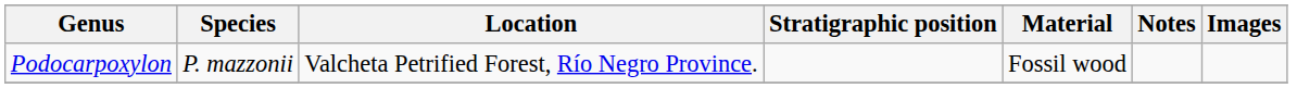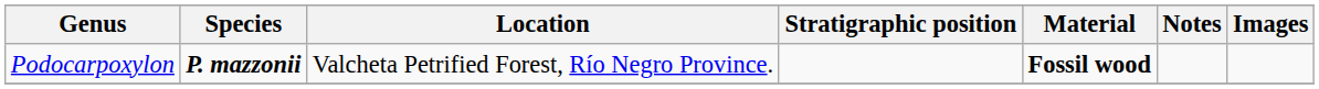 <table class="wikitable" align="center">
 <tr>
 </tr>
 <tr>
 <th>Genus</th>
 <th>Species</th>
 <th>Location</th>
 <th><strong>Stratigraphic position</strong></th>
 <th><strong>Material</strong></th>
 <th>Notes</th>
 <th>Images</th>
 </tr>
 <tr>
 <td><em><a href='#'>Podocarpoxylon</a></em></td>
-<td><em>P. mazzonii</em></td>
+<td><strong><em>P. mazzonii</em></strong></td>
 <td>Valcheta Petrified Forest, <a href='#'>Río Negro Province</a>.</td>
 <td></td>
-<td>Fossil wood</td>
+<td><strong>Fossil wood</strong></td>
 <td></td>
 <td></td>
 </tr>
 <tr>
 </tr>
 </table>
